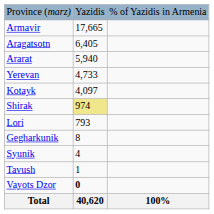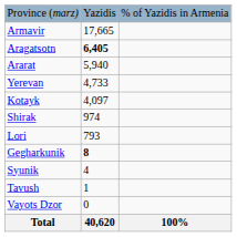 <table class="wikitable floatright">
 <tr style="background:#95b2c9;">
 <td>Province (<em>marz)</td>
 <td>Yazidis</td>
 <td>% of Yazidis in Armenia</td>
 </tr>
 <tr>
 <td><a href='#'>Armavir</a></td>
 <td>17,665</td>
 <td></td>
 </tr>
 <tr>
 <td><a href='#'>Aragatsotn</a></td>
-<td>6,405</td>
+<td><strong>6,405</strong></td>
 <td></td>
 </tr>
 <tr>
 <td><a href='#'>Ararat</a></td>
 <td>5,940</td>
 <td></td>
 </tr>
 <tr>
 <td><a href='#'>Yerevan</a></td>
 <td>4,733</td>
 <td></td>
 </tr>
 <tr>
 <td><a href='#'>Kotayk</a></td>
 <td>4,097</td>
 <td></td>
 </tr>
 <tr>
 <td><a href='#'>Shirak</a></td>
-<td style="background: khaki;">974</td>
+<td>974</td>
 <td></td>
 </tr>
 <tr>
 <td><a href='#'>Lori</a></td>
 <td>793</td>
 <td></td>
 </tr>
 <tr>
 <td><a href='#'>Gegharkunik</a></td>
-<td>8</td>
+<td><strong>8</strong></td>
 <td></td>
 </tr>
 <tr>
 <td><a href='#'>Syunik</a></td>
 <td>4</td>
 <td></td>
 </tr>
 <tr>
 <td><a href='#'>Tavush</a></td>
 <td>1</td>
 <td></td>
 </tr>
 <tr>
 <td><a href='#'>Vayots Dzor</a></td>
-<td><strong>0</strong></td>
+<td>0</td>
 <td></td>
 </tr>
 <tr>
 <th>Total</th>
 <th>40,620</th>
 <th>100%</th>
 </tr>
 </table>
